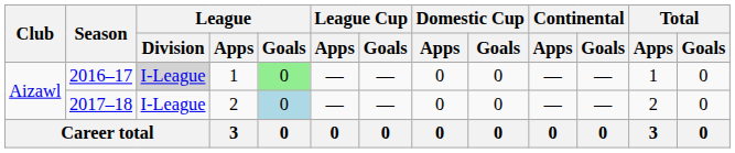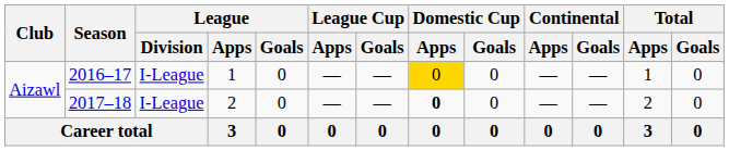 <table class="wikitable" style="text-align: center;">
 <tr>
 <th rowspan="2">Club</th>
 <th rowspan="2">Season</th>
 <th colspan="3">League</th>
 <th colspan="2">League Cup</th>
 <th colspan="2">Domestic Cup</th>
 <th colspan="2">Continental</th>
 <th colspan="2">Total</th>
 </tr>
 <tr>
 <th>Division</th>
 <th>Apps</th>
 <th>Goals</th>
 <th>Apps</th>
 <th>Goals</th>
 <th>Apps</th>
 <th>Goals</th>
 <th>Apps</th>
 <th>Goals</th>
 <th>Apps</th>
 <th>Goals</th>
 </tr>
 <tr>
 <td rowspan="2"><a href='#'>Aizawl</a></td>
 <td><a href='#'>2016–17</a></td>
-<td style="background: lightgrey;"><a href='#'>I-League</a></td>
+<td><a href='#'>I-League</a></td>
 <td>1</td>
-<td style="background: lightgreen;">0</td>
+<td>0</td>
 <td>—</td>
 <td>—</td>
-<td>0</td>
+<td style="background: gold;">0</td>
 <td>0</td>
 <td>—</td>
 <td>—</td>
 <td>1</td>
 <td>0</td>
 </tr>
 <tr>
 <td><a href='#'>2017–18</a></td>
 <td><a href='#'>I-League</a></td>
 <td>2</td>
-<td style="background: lightblue;">0</td>
+<td>0</td>
 <td>—</td>
 <td>—</td>
-<td>0</td>
+<td><strong>0</strong></td>
 <td>0</td>
 <td>—</td>
 <td>—</td>
 <td>2</td>
 <td>0</td>
 </tr>
 <tr>
 <th colspan="3">Career total</th>
 <th>3</th>
 <th>0</th>
 <th>0</th>
 <th>0</th>
 <th>0</th>
 <th>0</th>
 <th>0</th>
 <th>0</th>
 <th>3</th>
 <th>0</th>
 </tr>
 </table>
